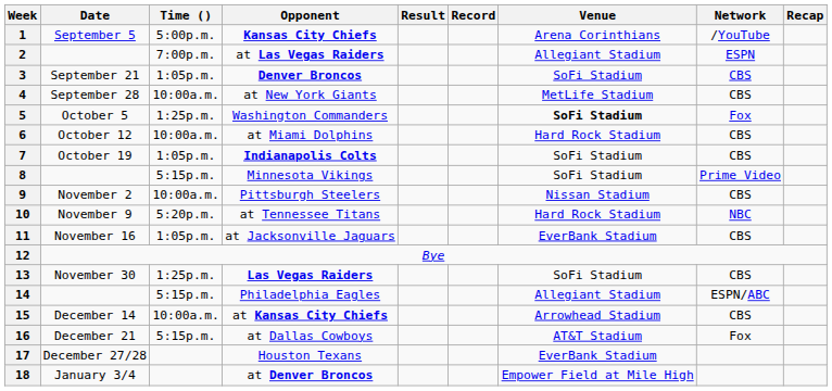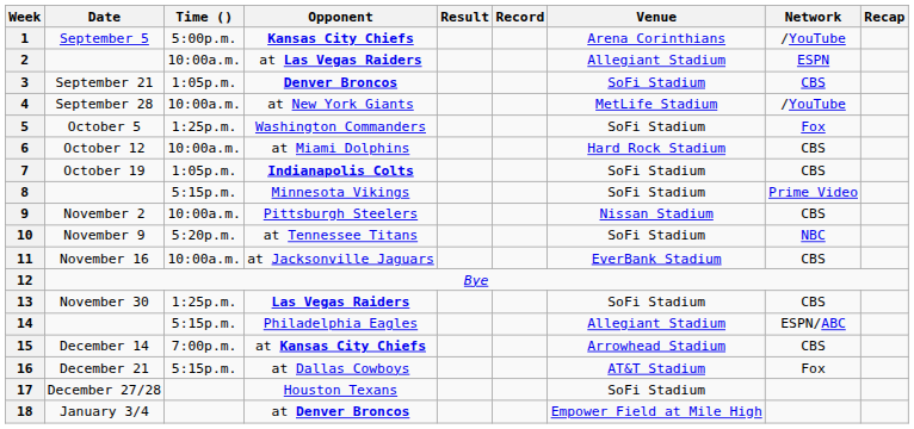 <table class="wikitable" style="text-align:center">
 <tr>
 <th>Week</th>
 <th>Date</th>
 <th>Time (<a href='#'></a>)</th>
 <th>Opponent</th>
 <th>Result</th>
 <th>Record</th>
 <th>Venue</th>
 <th>Network</th>
 <th>Recap</th>
 </tr>
 <tr>
 <th>1 </th>
 <td><a href='#'>September 5</a></td>
 <td>5:00p.m.</td>
 <td><strong><a href='#'>Kansas City Chiefs</a></strong></td>
 <td></td>
 <td></td>
 <td> <a href='#'>Arena Corinthians</a> </td>
 <td>/<a href='#'>YouTube</a></td>
 <td></td>
 </tr>
 <tr>
 <th>2 </th>
 <td></td>
-<td>7:00p.m.</td>
+<td>10:00a.m.</td>
 <td>at <strong><a href='#'>Las Vegas Raiders</a></strong></td>
 <td></td>
 <td></td>
 <td><a href='#'>Allegiant Stadium</a></td>
 <td><a href='#'>ESPN</a></td>
 <td></td>
 </tr>
 <tr>
 <th>3 </th>
 <td>September 21</td>
 <td>1:05p.m.</td>
 <td><strong><a href='#'>Denver Broncos</a></strong></td>
 <td></td>
 <td></td>
 <td><a href='#'>SoFi Stadium</a></td>
 <td><a href='#'>CBS</a></td>
 <td></td>
 </tr>
 <tr>
 <th>4 </th>
 <td>September 28</td>
 <td>10:00a.m.</td>
 <td>at <a href='#'>New York Giants</a></td>
 <td></td>
 <td></td>
 <td><a href='#'>MetLife Stadium</a></td>
-<td>CBS</td>
+<td>/<a href='#'>YouTube</a></td>
 <td></td>
 </tr>
 <tr>
 <th>5 </th>
 <td>October 5</td>
 <td>1:25p.m.</td>
 <td><a href='#'>Washington Commanders</a></td>
 <td></td>
 <td></td>
-<td><strong>SoFi Stadium</strong></td>
+<td>SoFi Stadium</td>
 <td><a href='#'>Fox</a></td>
 <td></td>
 </tr>
 <tr>
 <th>6 </th>
 <td>October 12</td>
 <td>10:00a.m.</td>
 <td>at <a href='#'>Miami Dolphins</a></td>
 <td></td>
 <td></td>
 <td><a href='#'>Hard Rock Stadium</a></td>
 <td>CBS</td>
 <td></td>
 </tr>
 <tr>
 <th>7 </th>
 <td>October 19</td>
 <td>1:05p.m.</td>
 <td><strong><a href='#'>Indianapolis Colts</a></strong></td>
 <td></td>
 <td></td>
 <td>SoFi Stadium</td>
 <td>CBS</td>
 <td></td>
 </tr>
 <tr>
 <th>8 </th>
 <td></td>
 <td>5:15p.m.</td>
 <td><a href='#'>Minnesota Vikings</a></td>
 <td></td>
 <td></td>
 <td>SoFi Stadium</td>
 <td><a href='#'>Prime Video</a></td>
 <td></td>
 </tr>
 <tr>
 <th>9 </th>
 <td>November 2</td>
 <td>10:00a.m.</td>
 <td><a href='#'>Pittsburgh Steelers</a></td>
 <td></td>
 <td></td>
 <td><a href='#'>Nissan Stadium</a></td>
 <td>CBS</td>
 <td></td>
 </tr>
 <tr>
 <th>10 </th>
 <td>November 9</td>
 <td>5:20p.m.</td>
 <td>at <a href='#'>Tennessee Titans</a></td>
 <td></td>
 <td></td>
-<td><a href='#'>Hard Rock Stadium</a></td>
+<td>SoFi Stadium</td>
 <td><a href='#'>NBC</a></td>
 <td></td>
 </tr>
 <tr>
 <th>11 </th>
 <td>November 16</td>
-<td>1:05p.m.</td>
+<td>10:00a.m.</td>
 <td>at <a href='#'>Jacksonville Jaguars</a></td>
 <td></td>
 <td></td>
 <td><a href='#'>EverBank Stadium</a></td>
 <td>CBS</td>
 <td></td>
 </tr>
 <tr>
 <th>12</th>
 <td colspan=8><em><a href='#'>Bye</a></em></td>
 </tr>
 <tr>
 <th>13 </th>
 <td>November 30</td>
 <td>1:25p.m.</td>
 <td><strong><a href='#'>Las Vegas Raiders</a></strong></td>
 <td></td>
 <td></td>
 <td>SoFi Stadium</td>
 <td>CBS</td>
 <td></td>
 </tr>
 <tr>
 <th>14 </th>
 <td></td>
 <td>5:15p.m.</td>
 <td><a href='#'>Philadelphia Eagles</a></td>
 <td></td>
 <td></td>
 <td><a href='#'>Allegiant Stadium</a></td>
 <td>ESPN/<a href='#'>ABC</a></td>
 <td></td>
 </tr>
 <tr>
 <th>15 </th>
 <td>December 14</td>
-<td>10:00a.m.</td>
+<td>7:00p.m.</td>
 <td>at <strong><a href='#'>Kansas City Chiefs</a></strong></td>
 <td></td>
 <td></td>
 <td><a href='#'>Arrowhead Stadium</a></td>
 <td>CBS</td>
 <td></td>
 </tr>
 <tr>
 <th>16 </th>
 <td>December 21</td>
 <td>5:15p.m.</td>
 <td>at <a href='#'>Dallas Cowboys</a></td>
 <td></td>
 <td></td>
 <td><a href='#'>AT&T Stadium</a></td>
 <td>Fox</td>
 <td></td>
 </tr>
 <tr>
 <th>17 </th>
 <td>December 27/28</td>
 <td></td>
 <td><a href='#'>Houston Texans</a></td>
 <td></td>
 <td></td>
-<td><a href='#'>EverBank Stadium</a></td>
+<td>SoFi Stadium</td>
 <td></td>
 <td></td>
 </tr>
 <tr>
 <th>18 </th>
 <td>January 3/4</td>
 <td></td>
 <td>at <strong><a href='#'>Denver Broncos</a></strong></td>
 <td></td>
 <td></td>
 <td><a href='#'>Empower Field at Mile High</a></td>
 <td></td>
 <td></td>
 </tr>
 </table>
